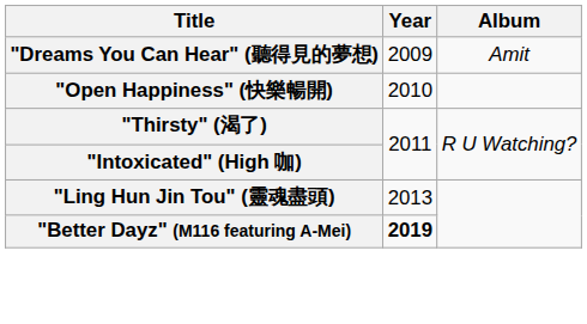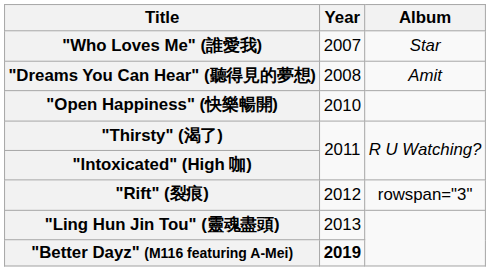 <table class="wikitable plainrowheaders" style="text-align:center;">
 <tr>
 <th rowspan="1" scope="col">Title</th>
 <th rowspan="1" scope="col">Year</th>
 <th rowspan="1" scope="col">Album</th>
 </tr>
 <tr>
+<th scope="row">"Who Loves Me" (誰愛我)</th>
+<td>2007</td>
+<td><em>Star</em></td>
+</tr>
+<tr>
 <th scope="row">"Dreams You Can Hear" (聽得見的夢想)</th>
-<td>2009</td>
+<td>2008</td>
 <td><em>Amit</em></td>
 </tr>
 <tr>
 <th scope="row">"Open Happiness" (快樂暢開)</th>
 <td>2010</td>
 <td></td>
 </tr>
 <tr>
 <th scope="row">"Thirsty" (渴了)</th>
 <td rowspan="2">2011</td>
 <td rowspan="2"><em>R U Watching?</em></td>
 </tr>
 <tr>
 <th scope="row">"Intoxicated" (High 咖)</th>
 </tr>
 <tr>
+<th scope="row">"Rift" (裂痕)</th>
+<td>2012</td>
+<td>rowspan="3" </td>
+</tr>
+<tr>
 <th scope="row">"Ling Hun Jin Tou" (靈魂盡頭)</th>
 <td>2013</td>
 </tr>
 <tr>
 <th scope="row">"Better Dayz" <small>(M116 featuring A-Mei)</small></th>
 <td><strong>2019</strong></td>
 </tr>
 </table>
